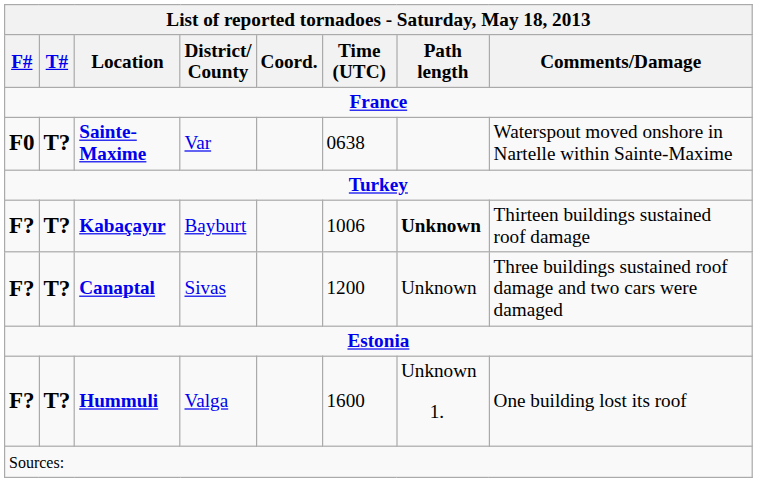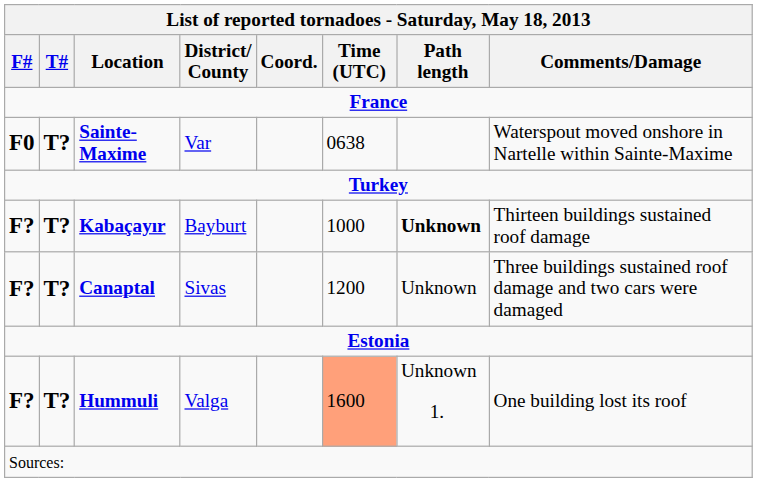 <table class="wikitable mw-collapsible collapsible" width="100%">
 <tr>
 <th colspan="8">List of reported tornadoes - Saturday, May 18, 2013</th>
 </tr>
 <tr>
 <th><a href='#'>F#</a></th>
 <th><a href='#'>T#</a></th>
 <th>Location</th>
 <th>District/<br>County</th>
 <th>Coord.</th>
 <th>Time (UTC)</th>
 <th>Path length</th>
 <th>Comments/Damage</th>
 </tr>
 <tr>
 <td colspan="8" align=center><strong><a href='#'>France</a></strong></td>
 </tr>
 <tr>
 <td><big><strong>F0</strong></big></td>
 <td><big><strong>T?</strong></big></td>
 <td><strong><a href='#'>Sainte-Maxime</a></strong></td>
 <td><a href='#'>Var</a></td>
 <td></td>
 <td>0638</td>
 <td></td>
 <td>Waterspout moved onshore in Nartelle within Sainte-Maxime</td>
 </tr>
 <tr>
 <td colspan="8" align=center><strong><a href='#'>Turkey</a></strong></td>
 </tr>
 <tr>
 <td><big><strong>F?</strong></big></td>
 <td><big><strong>T?</strong></big></td>
 <td><strong><a href='#'>Kabaçayır</a></strong></td>
 <td><a href='#'>Bayburt</a></td>
 <td></td>
-<td>1006</td>
+<td>1000</td>
 <td><strong>Unknown</strong></td>
 <td>Thirteen buildings sustained roof damage</td>
 </tr>
 <tr>
 <td><big><strong>F?</strong></big></td>
 <td><big><strong>T?</strong></big></td>
 <td><strong><a href='#'>Canaptal</a></strong></td>
 <td><a href='#'>Sivas</a></td>
 <td></td>
 <td>1200</td>
 <td>Unknown</td>
 <td>Three buildings sustained roof damage and two cars were damaged</td>
 </tr>
 <tr>
 <td colspan="8" align=center><strong><a href='#'>Estonia</a></strong></td>
 </tr>
 <tr>
 <td><big><strong>F?</strong></big></td>
 <td><big><strong>T?</strong></big></td>
 <td><strong><a href='#'>Hummuli</a></strong></td>
 <td><a href='#'>Valga</a></td>
 <td></td>
-<td>1600</td>
+<td style="background: lightsalmon;">1600</td>
 <td>Unknown<br><ol><li></li></ol></td>
 <td>One building lost its roof</td>
 </tr>
 <tr>
 <td colspan="8"><small>Sources:  </small></td>
 </tr>
 </table>
